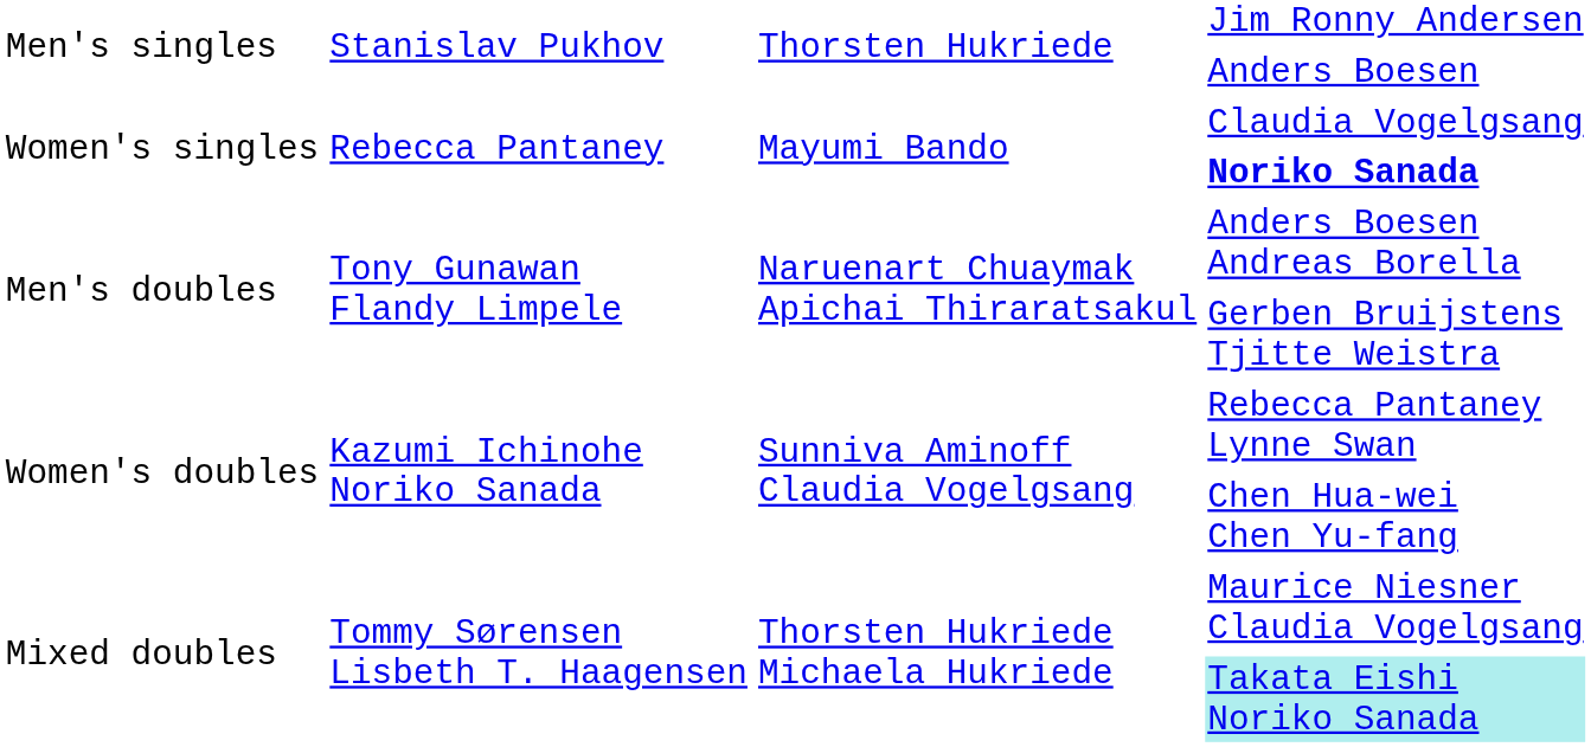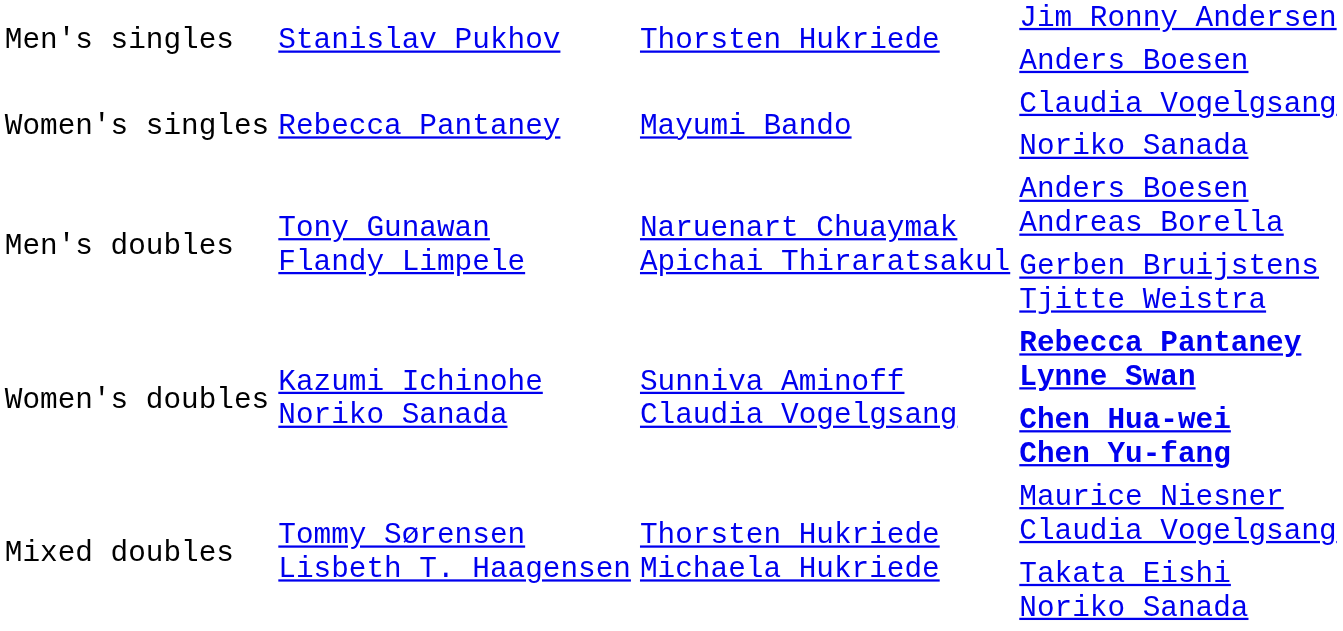 <table>
 <tr>
 <td rowspan="2">Men's singles</td>
 <td rowspan="2"> <a href='#'>Stanislav Pukhov</a></td>
 <td rowspan="2"> <a href='#'>Thorsten Hukriede</a></td>
 <td> <a href='#'>Jim Ronny Andersen</a></td>
 </tr>
 <tr>
 <td> <a href='#'>Anders Boesen</a></td>
 </tr>
 <tr>
 <td rowspan="2">Women's singles</td>
 <td rowspan="2"> <a href='#'>Rebecca Pantaney</a></td>
 <td rowspan="2"> <a href='#'>Mayumi Bando</a></td>
 <td> <a href='#'>Claudia Vogelgsang</a></td>
 </tr>
 <tr>
-<td><strong> <a href='#'>Noriko Sanada</a></strong></td>
+<td> <a href='#'>Noriko Sanada</a></td>
 </tr>
 <tr>
 <td rowspan="2">Men's doubles</td>
 <td rowspan="2"> <a href='#'>Tony Gunawan</a><br> <a href='#'>Flandy Limpele</a></td>
 <td rowspan="2"> <a href='#'>Naruenart Chuaymak</a><br> <a href='#'>Apichai Thiraratsakul</a></td>
 <td> <a href='#'>Anders Boesen</a><br> <a href='#'>Andreas Borella</a></td>
 </tr>
 <tr>
 <td> <a href='#'>Gerben Bruijstens</a><br> <a href='#'>Tjitte Weistra</a></td>
 </tr>
 <tr>
 <td rowspan="2">Women's doubles</td>
 <td rowspan="2"> <a href='#'>Kazumi Ichinohe</a><br> <a href='#'>Noriko Sanada</a></td>
 <td rowspan="2"> <a href='#'>Sunniva Aminoff</a><br> <a href='#'>Claudia Vogelgsang</a></td>
-<td> <a href='#'>Rebecca Pantaney</a><br> <a href='#'>Lynne Swan</a></td>
+<td><strong> <a href='#'>Rebecca Pantaney</a><br> <a href='#'>Lynne Swan</a></strong></td>
 </tr>
 <tr>
-<td> <a href='#'>Chen Hua-wei</a><br> <a href='#'>Chen Yu-fang</a></td>
+<td><strong> <a href='#'>Chen Hua-wei</a><br> <a href='#'>Chen Yu-fang</a></strong></td>
 </tr>
 <tr>
 <td rowspan="2">Mixed doubles</td>
 <td rowspan="2"> <a href='#'>Tommy Sørensen</a><br> <a href='#'>Lisbeth T. Haagensen</a></td>
 <td rowspan="2"> <a href='#'>Thorsten Hukriede</a><br> <a href='#'>Michaela Hukriede</a></td>
 <td> <a href='#'>Maurice Niesner</a><br> <a href='#'>Claudia Vogelgsang</a></td>
 </tr>
 <tr>
-<td style="background: paleturquoise;"> <a href='#'>Takata Eishi</a><br> <a href='#'>Noriko Sanada</a></td>
+<td> <a href='#'>Takata Eishi</a><br> <a href='#'>Noriko Sanada</a></td>
 </tr>
 </table>
